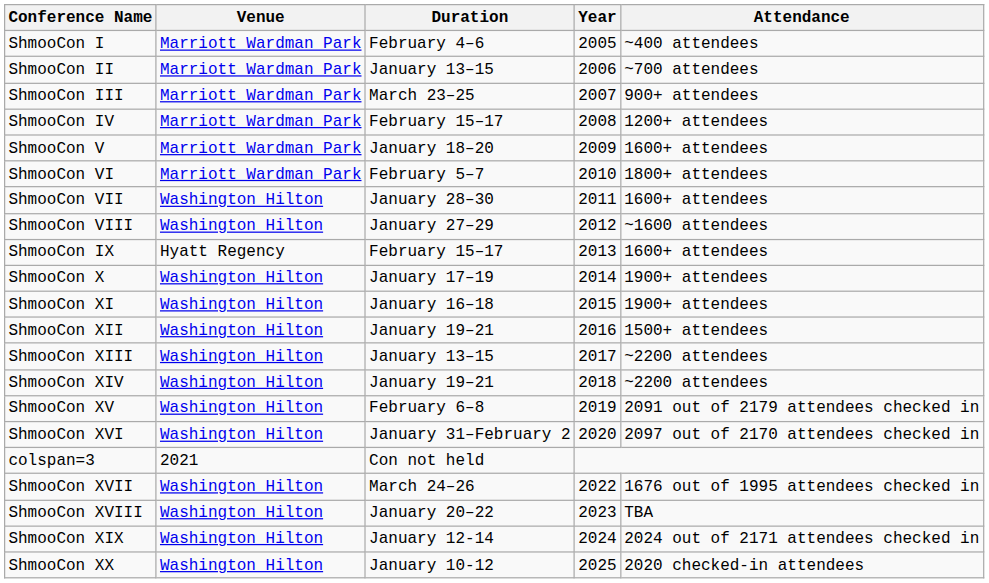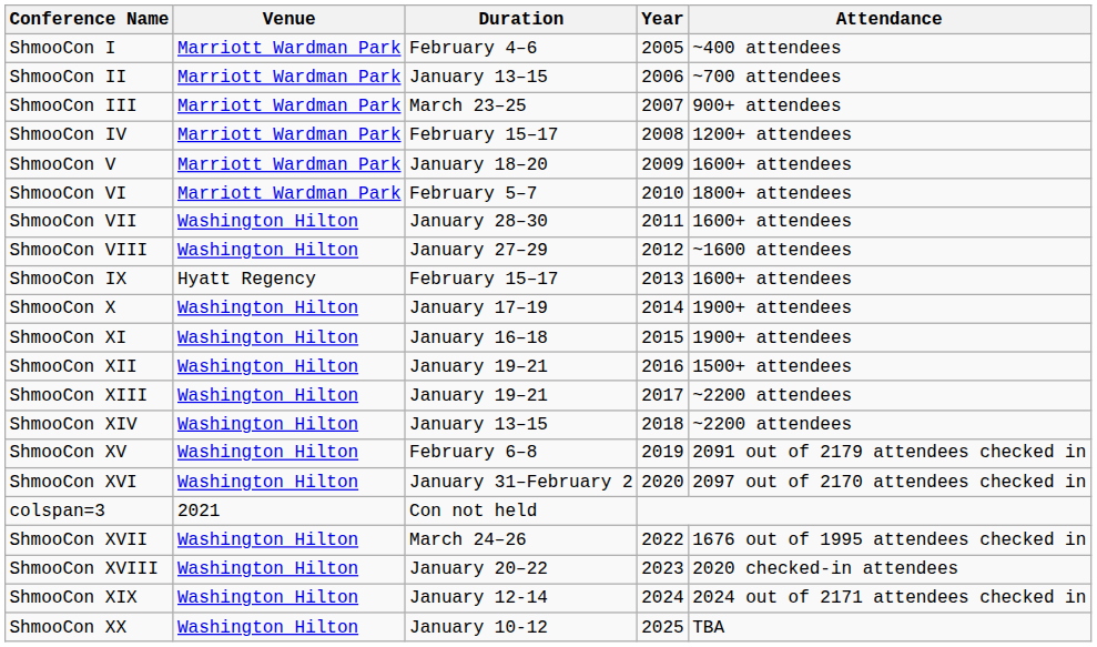 <table class="wikitable sortable">
 <tr>
 <th>Conference Name</th>
 <th>Venue</th>
 <th>Duration</th>
 <th>Year</th>
 <th>Attendance</th>
 </tr>
 <tr>
 <td>ShmooCon I</td>
 <td><a href='#'>Marriott Wardman Park</a></td>
 <td>February 4–6</td>
 <td>2005</td>
 <td>~400 attendees</td>
 </tr>
 <tr>
 <td>ShmooCon II</td>
 <td><a href='#'>Marriott Wardman Park</a></td>
 <td>January 13–15</td>
 <td>2006</td>
 <td>~700 attendees</td>
 </tr>
 <tr>
 <td>ShmooCon III</td>
 <td><a href='#'>Marriott Wardman Park</a></td>
 <td>March 23–25</td>
 <td>2007</td>
 <td>900+ attendees</td>
 </tr>
 <tr>
 <td>ShmooCon IV</td>
 <td><a href='#'>Marriott Wardman Park</a></td>
 <td>February 15–17</td>
 <td>2008</td>
 <td>1200+ attendees</td>
 </tr>
 <tr>
 <td>ShmooCon V</td>
 <td><a href='#'>Marriott Wardman Park</a></td>
 <td>January 18–20</td>
 <td>2009</td>
 <td>1600+ attendees</td>
 </tr>
 <tr>
 <td>ShmooCon VI</td>
 <td><a href='#'>Marriott Wardman Park</a></td>
 <td>February 5–7</td>
 <td>2010</td>
 <td>1800+ attendees</td>
 </tr>
 <tr>
 <td>ShmooCon VII</td>
 <td><a href='#'>Washington Hilton</a></td>
 <td>January 28–30</td>
 <td>2011</td>
 <td>1600+ attendees</td>
 </tr>
 <tr>
 <td>ShmooCon VIII</td>
 <td><a href='#'>Washington Hilton</a></td>
 <td>January 27–29</td>
 <td>2012</td>
 <td>~1600 attendees</td>
 </tr>
 <tr>
 <td>ShmooCon IX</td>
 <td>Hyatt Regency</td>
 <td>February 15–17</td>
 <td>2013</td>
 <td>1600+ attendees</td>
 </tr>
 <tr>
 <td>ShmooCon X</td>
 <td><a href='#'>Washington Hilton</a></td>
 <td>January 17–19</td>
 <td>2014</td>
 <td>1900+ attendees</td>
 </tr>
 <tr>
 <td>ShmooCon XI</td>
 <td><a href='#'>Washington Hilton</a></td>
 <td>January 16–18</td>
 <td>2015</td>
 <td>1900+ attendees</td>
 </tr>
 <tr>
 <td>ShmooCon XII</td>
 <td><a href='#'>Washington Hilton</a></td>
 <td>January 19–21</td>
 <td>2016</td>
 <td>1500+ attendees</td>
 </tr>
 <tr>
 <td>ShmooCon XIII</td>
 <td><a href='#'>Washington Hilton</a></td>
-<td>January 13–15</td>
+<td>January 19–21</td>
 <td>2017</td>
 <td>~2200 attendees</td>
 </tr>
 <tr>
 <td>ShmooCon XIV</td>
 <td><a href='#'>Washington Hilton</a></td>
-<td>January 19–21</td>
+<td>January 13–15</td>
 <td>2018</td>
 <td>~2200 attendees</td>
 </tr>
 <tr>
 <td>ShmooCon XV</td>
 <td><a href='#'>Washington Hilton</a></td>
 <td>February 6–8</td>
 <td>2019</td>
 <td>2091 out of 2179 attendees checked in</td>
 </tr>
 <tr>
 <td>ShmooCon XVI</td>
 <td><a href='#'>Washington Hilton</a></td>
 <td>January 31–February 2</td>
 <td>2020</td>
 <td>2097 out of 2170 attendees checked in</td>
 </tr>
 <tr>
 <td>colspan=3 </td>
 <td>2021</td>
 <td>Con not held</td>
 </tr>
 <tr>
 <td>ShmooCon XVII</td>
 <td><a href='#'>Washington Hilton</a></td>
 <td>March 24–26</td>
 <td>2022</td>
 <td>1676 out of 1995 attendees checked in</td>
 </tr>
 <tr>
 <td>ShmooCon XVIII</td>
 <td><a href='#'>Washington Hilton</a></td>
 <td>January 20–22</td>
 <td>2023</td>
-<td>TBA</td>
+<td>2020 checked-in attendees</td>
 </tr>
 <tr>
 <td>ShmooCon XIX</td>
 <td><a href='#'>Washington Hilton</a></td>
 <td>January 12-14</td>
 <td>2024</td>
 <td>2024 out of 2171 attendees checked in</td>
 </tr>
 <tr>
 <td>ShmooCon XX</td>
 <td><a href='#'>Washington Hilton</a></td>
 <td>January 10-12</td>
 <td>2025</td>
-<td>2020 checked-in attendees</td>
+<td>TBA</td>
 </tr>
 </table>
